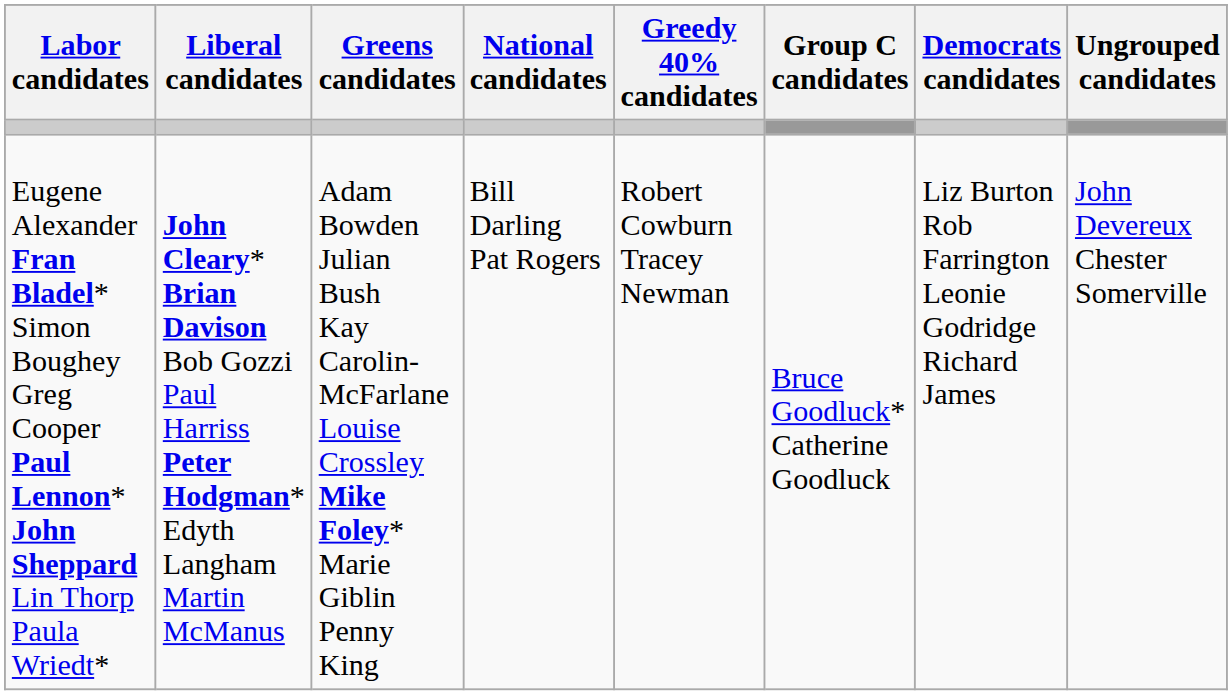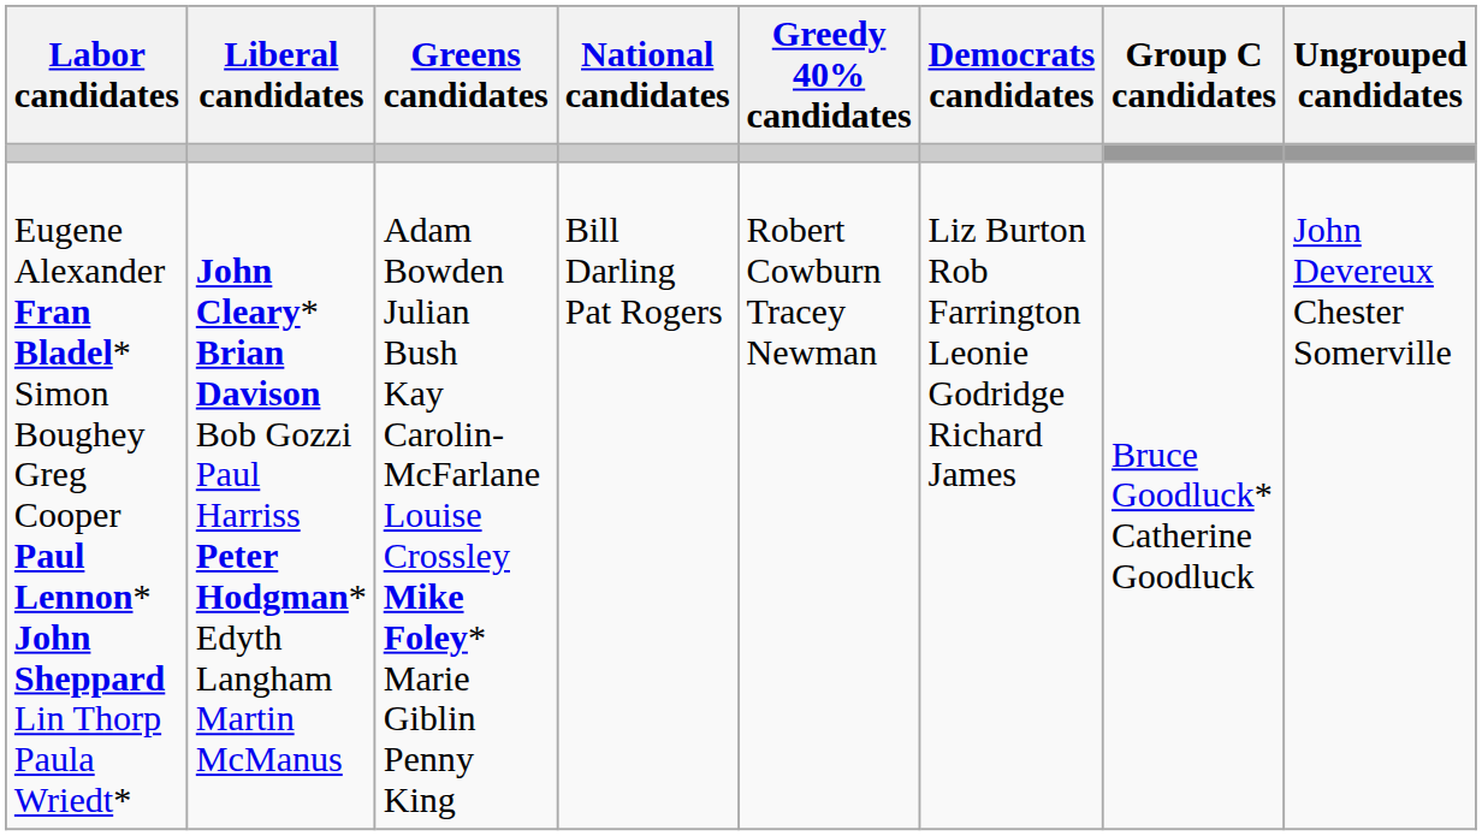 <table class="wikitable">
 <tr>
 <th><a href='#'>Labor</a> candidates</th>
 <th><a href='#'>Liberal</a> candidates</th>
 <th><a href='#'>Greens</a> candidates</th>
 <th><a href='#'>National</a> candidates</th>
 <th><a href='#'>Greedy 40%</a> candidates</th>
+<th><a href='#'>Democrats</a> candidates</th>
 <th>Group C candidates</th>
-<th><a href='#'>Democrats</a> candidates</th>
 <th>Ungrouped candidates</th>
 </tr>
 <tr bgcolor="#cccccc">
 <td></td>
 <td></td>
 <td></td>
 <td></td>
 <td></td>
+<td></td>
 <td bgcolor="#999999"></td>
-<td></td>
 <td bgcolor="#999999"></td>
 </tr>
 <tr>
 <td><br>Eugene Alexander<br> <strong><a href='#'>Fran Bladel</a></strong>*<br> Simon Boughey<br> Greg Cooper<br> <strong><a href='#'>Paul Lennon</a></strong>*<br> <strong><a href='#'>John Sheppard</a></strong><br> <a href='#'>Lin Thorp</a><br> <a href='#'>Paula Wriedt</a>*</td>
 <td><br><strong><a href='#'>John Cleary</a></strong>*<br> <strong><a href='#'>Brian Davison</a></strong><br> Bob Gozzi<br> <a href='#'>Paul Harriss</a><br> <strong><a href='#'>Peter Hodgman</a></strong>*<br> Edyth Langham<br> <a href='#'>Martin McManus</a></td>
 <td><br>Adam Bowden<br> Julian Bush<br> Kay Carolin-McFarlane<br> <a href='#'>Louise Crossley</a><br> <strong><a href='#'>Mike Foley</a></strong>*<br> Marie Giblin<br> Penny King</td>
 <td valign=top><br>Bill Darling<br> Pat Rogers</td>
 <td valign=top><br>Robert Cowburn<br> Tracey Newman</td>
+<td valign=top><br>Liz Burton<br> Rob Farrington<br> Leonie Godridge<br> Richard James</td>
 <td><br><a href='#'>Bruce Goodluck</a>*<br> Catherine Goodluck</td>
-<td valign=top><br>Liz Burton<br> Rob Farrington<br> Leonie Godridge<br> Richard James</td>
 <td valign=top><br><a href='#'>John Devereux</a><br> Chester Somerville</td>
 </tr>
 </table>
